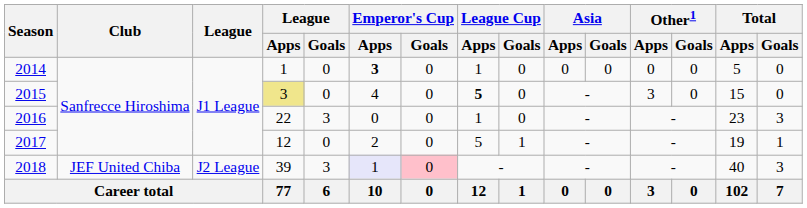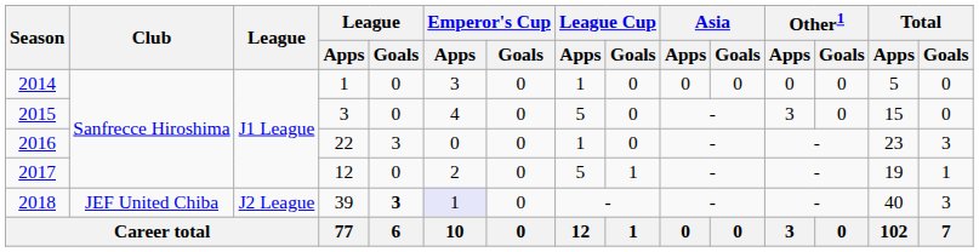 <table class="wikitable" style="text-align:center">
 <tr>
 <th rowspan="2">Season</th>
 <th rowspan="2">Club</th>
 <th rowspan="2">League</th>
 <th colspan=2>League</th>
 <th colspan=2><a href='#'>Emperor's Cup</a></th>
 <th colspan=2><a href='#'>League Cup</a></th>
 <th colspan=2><a href='#'>Asia</a></th>
 <th colspan=2>Other<sup><a href='#'>1</a></sup></th>
 <th colspan=2>Total</th>
 </tr>
 <tr>
 <th>Apps</th>
 <th>Goals</th>
 <th>Apps</th>
 <th>Goals</th>
 <th>Apps</th>
 <th>Goals</th>
 <th>Apps</th>
 <th>Goals</th>
 <th>Apps</th>
 <th>Goals</th>
 <th>Apps</th>
 <th>Goals</th>
 </tr>
 <tr>
 <td><a href='#'>2014</a></td>
 <td rowspan="4"><a href='#'>Sanfrecce Hiroshima</a></td>
 <td rowspan="4"><a href='#'>J1 League</a></td>
 <td>1</td>
 <td>0</td>
-<td><strong>3</strong></td>
+<td>3</td>
 <td>0</td>
 <td>1</td>
 <td>0</td>
 <td>0</td>
 <td>0</td>
 <td>0</td>
 <td>0</td>
 <td>5</td>
 <td>0</td>
 </tr>
 <tr>
 <td><a href='#'>2015</a></td>
-<td style="background: khaki;">3</td>
+<td>3</td>
 <td>0</td>
 <td>4</td>
 <td>0</td>
-<td><strong>5</strong></td>
+<td>5</td>
 <td>0</td>
 <td colspan="2">-</td>
 <td>3</td>
 <td>0</td>
 <td>15</td>
 <td>0</td>
 </tr>
 <tr>
 <td><a href='#'>2016</a></td>
 <td>22</td>
 <td>3</td>
 <td>0</td>
 <td>0</td>
 <td>1</td>
 <td>0</td>
 <td colspan="2">-</td>
 <td colspan="2">-</td>
 <td>23</td>
 <td>3</td>
 </tr>
 <tr>
 <td><a href='#'>2017</a></td>
 <td>12</td>
 <td>0</td>
 <td>2</td>
 <td>0</td>
 <td>5</td>
 <td>1</td>
 <td colspan="2">-</td>
 <td colspan="2">-</td>
 <td>19</td>
 <td>1</td>
 </tr>
 <tr>
 <td><a href='#'>2018</a></td>
 <td rowspan="1"><a href='#'>JEF United Chiba</a></td>
 <td rowspan="1"><a href='#'>J2 League</a></td>
 <td>39</td>
-<td>3</td>
+<td><strong>3</strong></td>
 <td style="background: lavender;">1</td>
-<td style="background: pink;">0</td>
+<td>0</td>
 <td colspan="2">-</td>
 <td colspan="2">-</td>
 <td colspan="2">-</td>
 <td>40</td>
 <td>3</td>
 </tr>
 <tr>
 <th colspan=3>Career total</th>
 <th>77</th>
 <th>6</th>
 <th>10</th>
 <th>0</th>
 <th>12</th>
 <th>1</th>
 <th>0</th>
 <th>0</th>
 <th>3</th>
 <th>0</th>
 <th>102</th>
 <th>7</th>
 </tr>
 </table>
